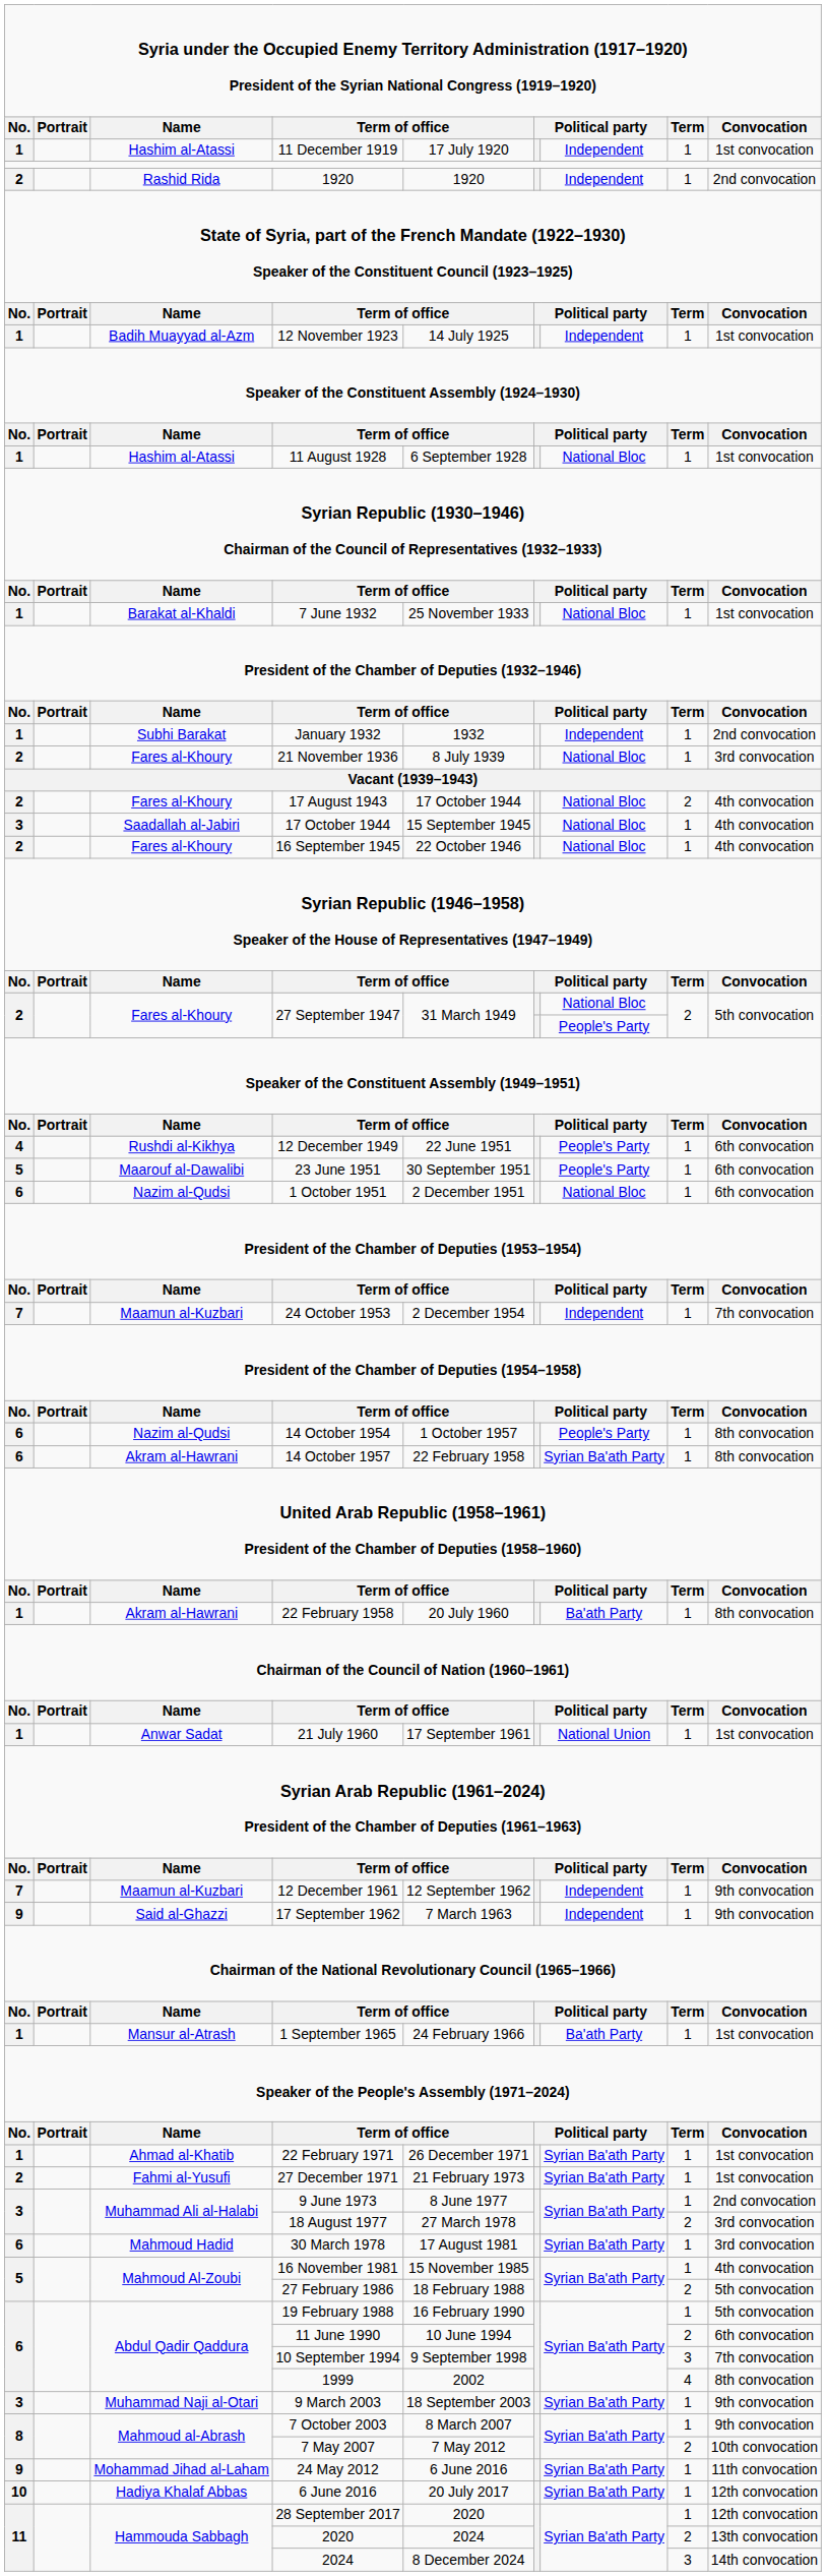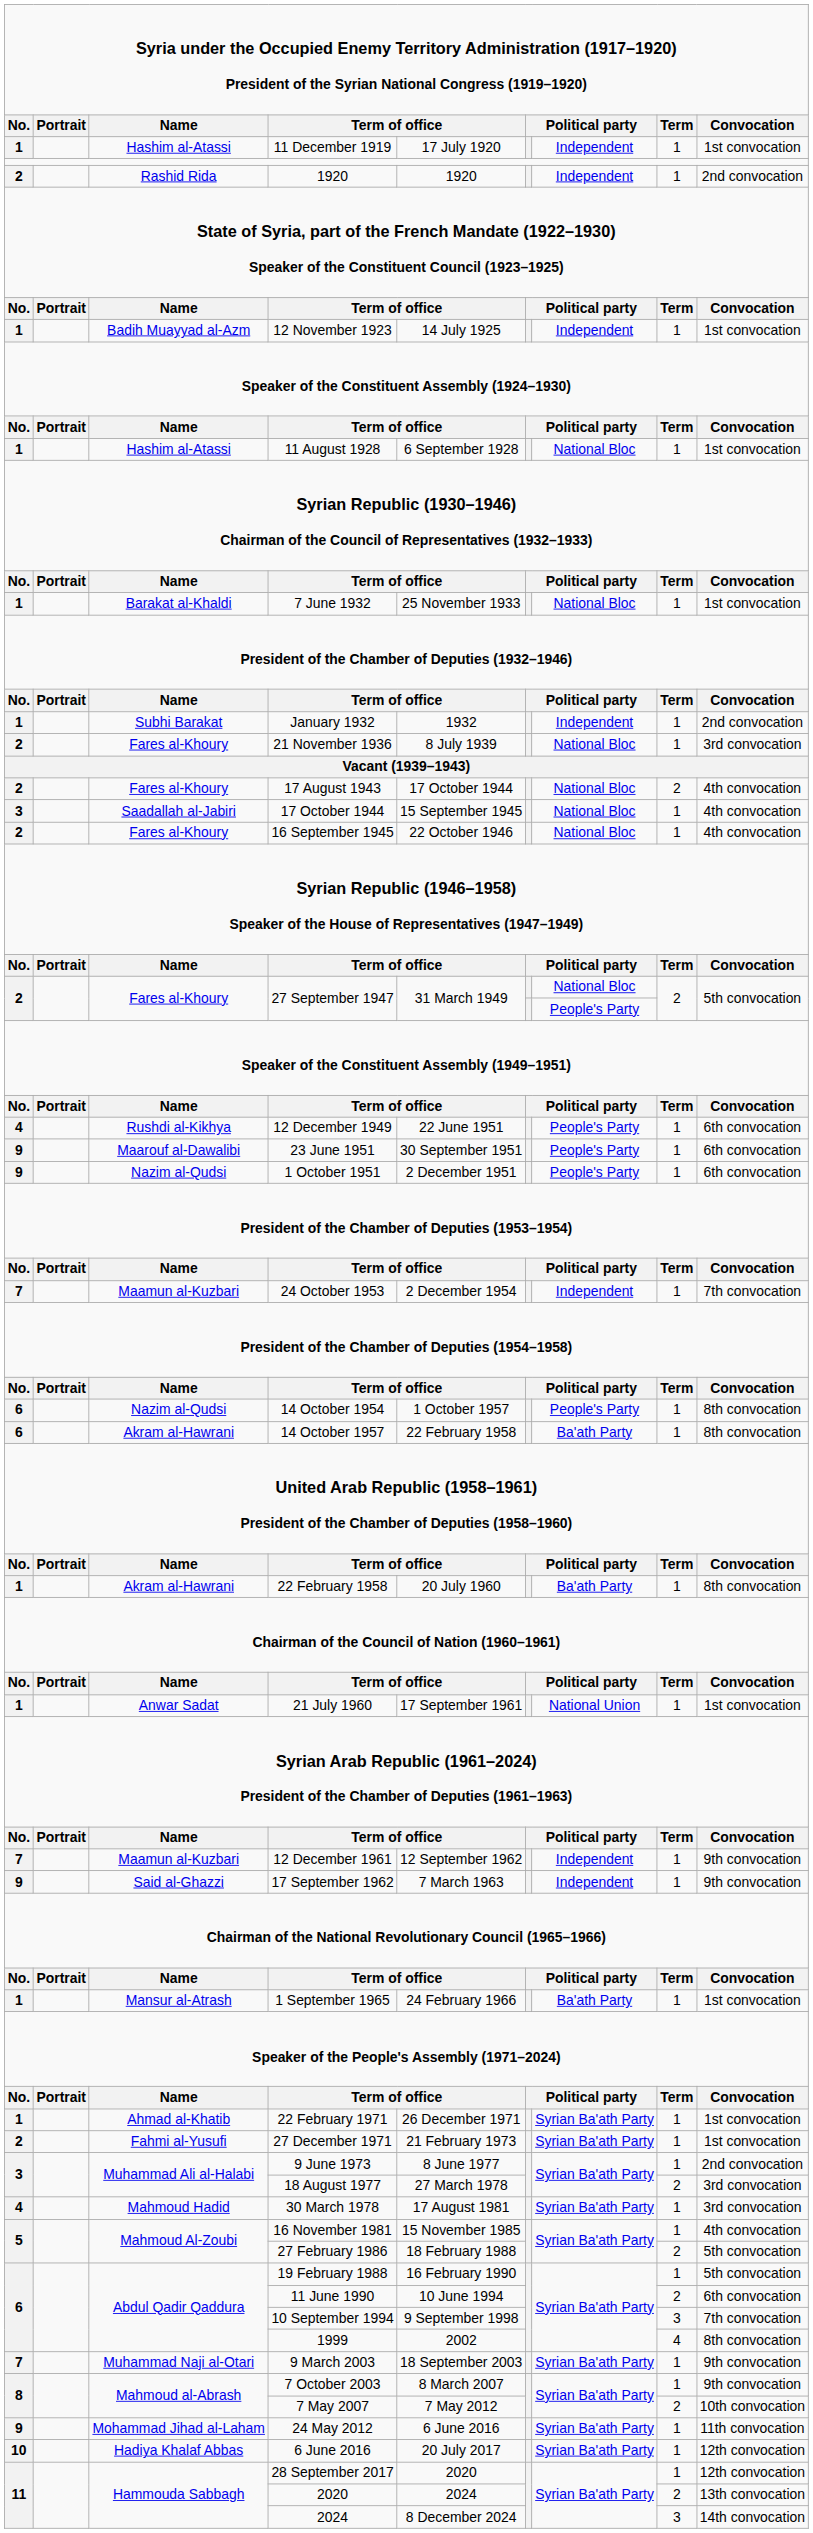 <table class="wikitable" style="text-align:center">
 <tr>
 <td colspan=9><br><h3>Syria under the Occupied Enemy Territory Administration (1917–1920)</h3><h4>President of the Syrian National Congress (1919–1920)</h4></td>
 </tr>
 <tr>
 <th>No.</th>
 <th>Portrait</th>
 <th>Name<br></th>
 <th colspan="2">Term of office</th>
 <th colspan="2">Political party</th>
 <th>Term</th>
 <th>Convocation</th>
 </tr>
 <tr>
 <th>1</th>
 <td></td>
 <td><a href='#'>Hashim al-Atassi</a><br></td>
 <td>11 December 1919</td>
 <td>17 July 1920</td>
 <th style="background:"></th>
 <td><a href='#'>Independent</a></td>
 <td>1<br></td>
 <td>1st convocation<br></td>
 </tr>
 <tr>
 <td colspan=9></td>
 </tr>
 <tr>
 <th>2</th>
 <td></td>
 <td><a href='#'>Rashid Rida</a><br></td>
 <td>1920</td>
 <td>1920</td>
 <th style="background:"></th>
 <td><a href='#'>Independent</a></td>
 <td>1<br></td>
 <td>2nd convocation<br></td>
 </tr>
 <tr>
 <td colspan=9><br><h3>State of Syria, part of the French Mandate (1922–1930)</h3><h4>Speaker of the Constituent Council (1923–1925)</h4></td>
 </tr>
 <tr>
 <th>No.</th>
 <th>Portrait</th>
 <th>Name<br></th>
 <th colspan="2">Term of office</th>
 <th colspan="2">Political party</th>
 <th>Term</th>
 <th>Convocation</th>
 </tr>
 <tr>
 <th>1</th>
 <td></td>
 <td><a href='#'>Badih Muayyad al-Azm</a><br></td>
 <td>12 November 1923</td>
 <td>14 July 1925</td>
 <th style="background:"></th>
 <td><a href='#'>Independent</a></td>
 <td>1<br></td>
 <td>1st convocation<br></td>
 </tr>
 <tr>
 <td colspan=9><br><h4>Speaker of the Constituent Assembly (1924–1930)</h4></td>
 </tr>
 <tr>
 <th>No.</th>
 <th>Portrait</th>
 <th>Name<br></th>
 <th colspan="2">Term of office</th>
 <th colspan="2">Political party</th>
 <th>Term</th>
 <th>Convocation</th>
 </tr>
 <tr>
 <th>1</th>
 <td></td>
 <td><a href='#'>Hashim al-Atassi</a><br></td>
 <td>11 August 1928</td>
 <td>6 September 1928</td>
 <th style="background:"></th>
 <td><a href='#'>National Bloc</a></td>
 <td>1<br></td>
 <td>1st convocation<br></td>
 </tr>
 <tr>
 <td colspan=9><br><h3>Syrian Republic (1930–1946)</h3><h4>Chairman of the Council of Representatives (1932–1933)</h4></td>
 </tr>
 <tr>
 <th>No.</th>
 <th>Portrait</th>
 <th>Name<br></th>
 <th colspan="2">Term of office</th>
 <th colspan="2">Political party</th>
 <th>Term</th>
 <th>Convocation</th>
 </tr>
 <tr>
 <th>1</th>
 <td></td>
 <td><a href='#'>Barakat al-Khaldi</a></td>
 <td>7 June 1932</td>
 <td>25 November 1933</td>
 <th style="background:"></th>
 <td><a href='#'>National Bloc</a></td>
 <td>1<br></td>
 <td>1st convocation<br></td>
 </tr>
 <tr>
 <td colspan=9><br><h4>President of the Chamber of Deputies (1932–1946)</h4></td>
 </tr>
 <tr>
 <th>No.</th>
 <th>Portrait</th>
 <th>Name<br></th>
 <th colspan="2">Term of office</th>
 <th colspan="2">Political party</th>
 <th>Term</th>
 <th>Convocation</th>
 </tr>
 <tr>
 <th>1</th>
 <td></td>
 <td><a href='#'>Subhi Barakat</a><br></td>
 <td>January 1932</td>
 <td>1932</td>
 <th style="background:"></th>
 <td><a href='#'>Independent</a></td>
 <td>1<br></td>
 <td>2nd convocation<br></td>
 </tr>
 <tr>
 <th>2</th>
 <td></td>
 <td><a href='#'>Fares al-Khoury</a><br></td>
 <td>21 November 1936</td>
 <td>8 July 1939</td>
 <th style="background:"></th>
 <td><a href='#'>National Bloc</a></td>
 <td>1<br></td>
 <td>3rd convocation<br></td>
 </tr>
 <tr>
 <th colspan="9">Vacant (1939–1943)</th>
 </tr>
 <tr>
 <th>2</th>
 <td></td>
 <td><a href='#'>Fares al-Khoury</a><br></td>
 <td>17 August 1943</td>
 <td>17 October 1944</td>
 <th style="background:"></th>
 <td><a href='#'>National Bloc</a></td>
 <td>2<br></td>
 <td>4th convocation<br></td>
 </tr>
 <tr>
 <th>3</th>
 <td></td>
 <td><a href='#'>Saadallah al-Jabiri</a><br></td>
 <td>17 October 1944</td>
 <td>15 September 1945</td>
 <th style="background:"></th>
 <td><a href='#'>National Bloc</a></td>
 <td>1<br></td>
 <td>4th convocation<br></td>
 </tr>
 <tr>
 <th>2</th>
 <td></td>
 <td><a href='#'>Fares al-Khoury</a><br></td>
 <td>16 September 1945</td>
 <td>22 October 1946</td>
 <th style="background:"></th>
 <td><a href='#'>National Bloc</a></td>
 <td>1<br></td>
 <td>4th convocation<br></td>
 </tr>
 <tr>
 <td colspan=9><br><h3>Syrian Republic (1946–1958)</h3><h4>Speaker of the House of Representatives (1947–1949)</h4></td>
 </tr>
 <tr>
 <th>No.</th>
 <th>Portrait</th>
 <th>Name<br></th>
 <th colspan="2">Term of office</th>
 <th colspan="2">Political party</th>
 <th>Term</th>
 <th>Convocation</th>
 </tr>
 <tr>
 <th rowspan="2">2</th>
 <td rowspan="2"></td>
 <td rowspan="2"><a href='#'>Fares al-Khoury</a><br></td>
 <td rowspan="2">27 September 1947</td>
 <td rowspan="2">31 March 1949</td>
 <th style="background:"></th>
 <td><a href='#'>National Bloc</a></td>
 <td rowspan="2">2<br></td>
 <td rowspan="2">5th convocation<br></td>
 </tr>
 <tr>
 <th style="background:"></th>
 <td><a href='#'>People's Party</a></td>
 </tr>
 <tr>
 <td colspan=9><br><h4>Speaker of the Constituent Assembly (1949–1951)</h4></td>
 </tr>
 <tr>
 <th>No.</th>
 <th>Portrait</th>
 <th>Name<br></th>
 <th colspan="2">Term of office</th>
 <th colspan="2">Political party</th>
 <th>Term</th>
 <th>Convocation</th>
 </tr>
 <tr>
 <th>4</th>
 <td></td>
 <td><a href='#'>Rushdi al-Kikhya</a><br></td>
 <td>12 December 1949</td>
 <td>22 June 1951</td>
 <th style="background:"></th>
 <td><a href='#'>People's Party</a></td>
 <td>1<br></td>
 <td>6th convocation<br></td>
 </tr>
 <tr>
-<th>5</th>
+<th>9</th>
 <td></td>
 <td><a href='#'>Maarouf al-Dawalibi</a><br></td>
 <td>23 June 1951</td>
 <td>30 September 1951</td>
 <th style="background:"></th>
 <td><a href='#'>People's Party</a></td>
 <td>1<br></td>
 <td>6th convocation<br></td>
 </tr>
 <tr>
-<th>6</th>
+<th>9</th>
 <td></td>
 <td><a href='#'>Nazim al-Qudsi</a><br></td>
 <td>1 October 1951</td>
 <td>2 December 1951</td>
 <th style="background:"></th>
-<td><a href='#'>National Bloc</a></td>
+<td><a href='#'>People's Party</a></td>
 <td>1<br></td>
 <td>6th convocation<br></td>
 </tr>
 <tr>
 <td colspan=9><br><h4>President of the Chamber of Deputies (1953–1954)</h4></td>
 </tr>
 <tr>
 <th>No.</th>
 <th>Portrait</th>
 <th>Name<br></th>
 <th colspan="2">Term of office</th>
 <th colspan="2">Political party</th>
 <th>Term</th>
 <th>Convocation</th>
 </tr>
 <tr>
 <th>7</th>
 <td></td>
 <td><a href='#'>Maamun al-Kuzbari</a><br></td>
 <td>24 October 1953</td>
 <td>2 December 1954</td>
 <th style="background:"></th>
 <td><a href='#'>Independent</a></td>
 <td>1<br></td>
 <td>7th convocation<br></td>
 </tr>
 <tr>
 <td colspan=9><br><h4>President of the Chamber of Deputies (1954–1958)</h4></td>
 </tr>
 <tr>
 <th>No.</th>
 <th>Portrait</th>
 <th>Name<br></th>
 <th colspan="2">Term of office</th>
 <th colspan="2">Political party</th>
 <th>Term</th>
 <th>Convocation</th>
 </tr>
 <tr>
 <th>6</th>
 <td></td>
 <td><a href='#'>Nazim al-Qudsi</a><br></td>
 <td>14 October 1954</td>
 <td>1 October 1957</td>
 <th style="background:"></th>
 <td><a href='#'>People's Party</a></td>
 <td>1<br></td>
 <td>8th convocation<br></td>
 </tr>
 <tr>
 <th>6</th>
 <td></td>
 <td><a href='#'>Akram al-Hawrani</a><br></td>
 <td>14 October 1957</td>
 <td>22 February 1958</td>
 <th style="background:"></th>
-<td><a href='#'>Syrian Ba'ath Party</a><br></td>
+<td><a href='#'>Ba'ath Party</a><br></td>
 <td>1<br></td>
 <td>8th convocation<br></td>
 </tr>
 <tr>
 <td colspan=9><br><h3>United Arab Republic (1958–1961)</h3><h4>President of the Chamber of Deputies (1958–1960)</h4></td>
 </tr>
 <tr>
 <th>No.</th>
 <th>Portrait</th>
 <th>Name<br></th>
 <th colspan="2">Term of office</th>
 <th colspan="2">Political party</th>
 <th>Term</th>
 <th>Convocation</th>
 </tr>
 <tr>
 <th>1</th>
 <td></td>
 <td><a href='#'>Akram al-Hawrani</a><br></td>
 <td>22 February 1958</td>
 <td>20 July 1960</td>
 <th style="background:"></th>
 <td><a href='#'>Ba'ath Party</a><br></td>
 <td>1<br></td>
 <td>8th convocation<br></td>
 </tr>
 <tr>
 <td colspan=9><br><h4>Chairman of the Council of Nation (1960–1961)</h4></td>
 </tr>
 <tr>
 <th>No.</th>
 <th>Portrait</th>
 <th>Name<br></th>
 <th colspan="2">Term of office</th>
 <th colspan="2">Political party</th>
 <th>Term</th>
 <th>Convocation</th>
 </tr>
 <tr>
 <th>1</th>
 <td></td>
 <td><a href='#'>Anwar Sadat</a><br></td>
 <td>21 July 1960</td>
 <td>17 September 1961</td>
 <th style="background:"></th>
 <td><a href='#'>National Union</a></td>
 <td>1<br></td>
 <td>1st convocation<br></td>
 </tr>
 <tr>
 <td colspan=9><br><h3>Syrian Arab Republic (1961–2024)</h3><h4>President of the Chamber of Deputies (1961–1963)</h4></td>
 </tr>
 <tr>
 <th>No.</th>
 <th>Portrait</th>
 <th>Name<br></th>
 <th colspan="2">Term of office</th>
 <th colspan="2">Political party</th>
 <th>Term</th>
 <th>Convocation</th>
 </tr>
 <tr>
 <th>7</th>
 <td></td>
 <td><a href='#'>Maamun al-Kuzbari</a><br></td>
 <td>12 December 1961</td>
 <td>12 September 1962</td>
 <th style="background:"></th>
 <td><a href='#'>Independent</a></td>
 <td>1<br></td>
 <td>9th convocation<br></td>
 </tr>
 <tr>
 <th>9</th>
 <td></td>
 <td><a href='#'>Said al-Ghazzi</a><br></td>
 <td>17 September 1962</td>
 <td>7 March 1963</td>
 <th style="background:"></th>
 <td><a href='#'>Independent</a></td>
 <td>1<br></td>
 <td>9th convocation<br></td>
 </tr>
 <tr>
 <td colspan=9><br><h4>Chairman of the National Revolutionary Council (1965–1966)</h4></td>
 </tr>
 <tr>
 <th>No.</th>
 <th>Portrait</th>
 <th>Name<br></th>
 <th colspan="2">Term of office</th>
 <th colspan="2">Political party</th>
 <th>Term</th>
 <th>Convocation</th>
 </tr>
 <tr>
 <th>1</th>
 <td></td>
 <td><a href='#'>Mansur al-Atrash</a><br></td>
 <td>1 September 1965</td>
 <td>24 February 1966</td>
 <th style="background:"></th>
 <td><a href='#'>Ba'ath Party</a><br></td>
 <td>1<br></td>
 <td>1st convocation<br></td>
 </tr>
 <tr>
 <td colspan=9><br><h4>Speaker of the People's Assembly (1971–2024)</h4></td>
 </tr>
 <tr>
 <th>No.</th>
 <th>Portrait</th>
 <th>Name<br></th>
 <th colspan="2">Term of office</th>
 <th colspan="2">Political party</th>
 <th>Term</th>
 <th>Convocation</th>
 </tr>
 <tr>
 <th>1</th>
 <td></td>
 <td><a href='#'>Ahmad al-Khatib</a><br></td>
 <td>22 February 1971</td>
 <td>26 December 1971</td>
 <th style="background:"></th>
 <td><a href='#'>Syrian Ba'ath Party</a><br></td>
 <td>1<br></td>
 <td>1st convocation<br></td>
 </tr>
 <tr>
 <th>2</th>
 <td></td>
 <td><a href='#'>Fahmi al-Yusufi</a><br></td>
 <td>27 December 1971</td>
 <td>21 February 1973</td>
 <th style="background:"></th>
 <td><a href='#'>Syrian Ba'ath Party</a><br></td>
 <td>1<br></td>
 <td>1st convocation<br></td>
 </tr>
 <tr>
 <th rowspan="2">3</th>
 <td rowspan="2"></td>
 <td rowspan="2"><a href='#'>Muhammad Ali al-Halabi</a><br></td>
 <td>9 June 1973</td>
 <td>8 June 1977</td>
 <th rowspan="2" style="background:"></th>
 <td rowspan="2"><a href='#'>Syrian Ba'ath Party</a><br></td>
 <td>1<br></td>
 <td>2nd convocation<br></td>
 </tr>
 <tr>
 <td>18 August 1977</td>
 <td>27 March 1978</td>
 <td>2<br></td>
 <td>3rd convocation<br></td>
 </tr>
 <tr>
-<th>6</th>
+<th>4</th>
 <td></td>
 <td><a href='#'>Mahmoud Hadid</a></td>
 <td>30 March 1978</td>
 <td>17 August 1981</td>
 <th style="background:"></th>
 <td><a href='#'>Syrian Ba'ath Party</a><br></td>
 <td>1<br></td>
 <td>3rd convocation<br></td>
 </tr>
 <tr>
 <th rowspan="2">5</th>
 <td rowspan="2"></td>
 <td rowspan="2"><a href='#'>Mahmoud Al-Zoubi</a><br></td>
 <td>16 November 1981</td>
 <td>15 November 1985</td>
 <th rowspan="2" style="background:"></th>
 <td rowspan="2"><a href='#'>Syrian Ba'ath Party</a><br></td>
 <td>1<br></td>
 <td>4th convocation<br></td>
 </tr>
 <tr>
 <td>27 February 1986</td>
 <td>18 February 1988</td>
 <td>2<br></td>
 <td>5th convocation<br></td>
 </tr>
 <tr>
 <th rowspan="4">6</th>
 <td rowspan="4"></td>
 <td rowspan="4"><a href='#'>Abdul Qadir Qaddura</a><br></td>
 <td>19 February 1988</td>
 <td>16 February 1990</td>
 <th rowspan="4" style="background:"></th>
 <td rowspan="4"><a href='#'>Syrian Ba'ath Party</a><br></td>
 <td>1<br></td>
 <td>5th convocation<br></td>
 </tr>
 <tr>
 <td>11 June 1990</td>
 <td>10 June 1994</td>
 <td>2<br></td>
 <td>6th convocation<br></td>
 </tr>
 <tr>
 <td>10 September 1994</td>
 <td>9 September 1998</td>
 <td>3<br></td>
 <td>7th convocation<br></td>
 </tr>
 <tr>
 <td>1999</td>
 <td>2002</td>
 <td>4<br></td>
 <td>8th convocation<br></td>
 </tr>
 <tr>
-<th>3</th>
+<th>7</th>
 <td></td>
 <td><a href='#'>Muhammad Naji al-Otari</a><br></td>
 <td>9 March 2003</td>
 <td>18 September 2003</td>
 <th style="background:"></th>
 <td><a href='#'>Syrian Ba'ath Party</a><br></td>
 <td>1<br></td>
 <td>9th convocation<br></td>
 </tr>
 <tr>
 <th rowspan="2">8</th>
 <td rowspan="2"></td>
 <td rowspan="2"><a href='#'>Mahmoud al-Abrash</a><br></td>
 <td>7 October 2003</td>
 <td>8 March 2007</td>
 <th rowspan="2" style="background:"></th>
 <td rowspan="2"><a href='#'>Syrian Ba'ath Party</a><br></td>
 <td>1<br></td>
 <td>9th convocation<br></td>
 </tr>
 <tr>
 <td>7 May 2007</td>
 <td>7 May 2012</td>
 <td>2<br></td>
 <td>10th convocation<br></td>
 </tr>
 <tr>
 <th>9</th>
 <td></td>
 <td><a href='#'>Mohammad Jihad al-Laham</a><br></td>
 <td>24 May 2012</td>
 <td>6 June 2016</td>
 <th style="background:"></th>
 <td><a href='#'>Syrian Ba'ath Party</a><br></td>
 <td>1<br></td>
 <td>11th convocation<br></td>
 </tr>
 <tr>
 <th>10</th>
 <td></td>
 <td><a href='#'>Hadiya Khalaf Abbas</a><br></td>
 <td>6 June 2016</td>
 <td>20 July 2017</td>
 <th style="background:"></th>
 <td><a href='#'>Syrian Ba'ath Party</a><br></td>
 <td>1<br></td>
 <td>12th convocation<br></td>
 </tr>
 <tr>
 <th rowspan="3">11</th>
 <td rowspan="3"></td>
 <td rowspan="3"><a href='#'>Hammouda Sabbagh</a><br></td>
 <td>28 September 2017</td>
 <td>2020</td>
 <th rowspan="3" style="background:"></th>
 <td rowspan="3"><a href='#'>Syrian Ba'ath Party</a><br></td>
 <td>1<br></td>
 <td>12th convocation<br></td>
 </tr>
 <tr>
 <td>2020</td>
 <td>2024</td>
 <td>2<br></td>
 <td>13th convocation<br></td>
 </tr>
 <tr>
 <td>2024</td>
 <td>8 December 2024</td>
 <td>3<br></td>
 <td>14th convocation<br></td>
 </tr>
 </table>
